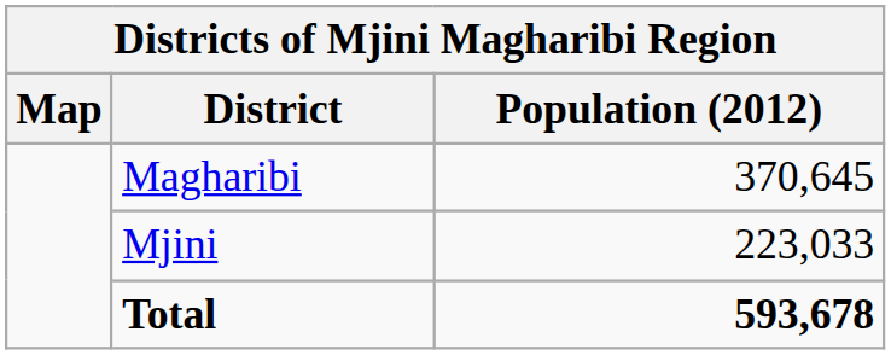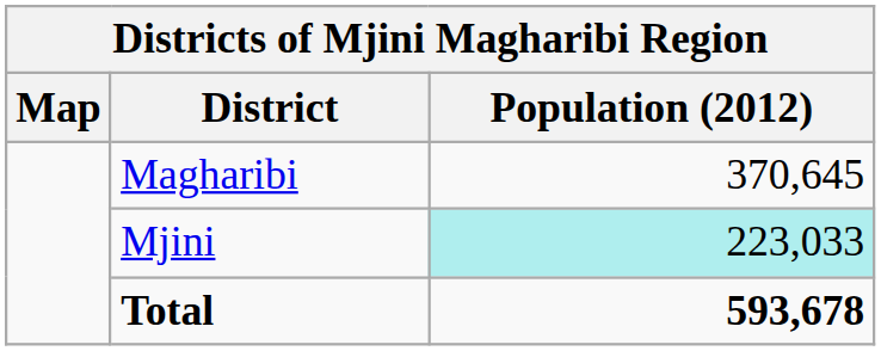 <table class="wikitable">
 <tr>
 <th colspan="3">Districts of Mjini Magharibi Region</th>
 </tr>
 <tr style="text-align:center;">
 <th>Map</th>
 <th style="width: 7em">District</th>
 <th style="width: 10em">Population (2012)</th>
 </tr>
 <tr>
 <td rowspan= 3></td>
 <td><a href='#'>Magharibi</a></td>
 <td style="text-align:right;">370,645</td>
 </tr>
 <tr>
 <td><a href='#'>Mjini</a></td>
-<td style="text-align:right;">223,033</td>
+<td style="background: paleturquoise; text-align:right;">223,033</td>
 </tr>
 <tr>
 <td><strong>Total</strong></td>
 <td style="text-align:right;"><strong>593,678</strong></td>
 </tr>
 </table>
